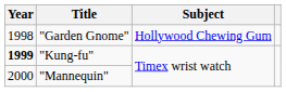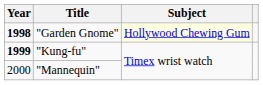 <table class="wikitable plainrowheaders">
 <tr>
 <th>Year</th>
 <th>Title</th>
 <th>Subject</th>
 <th></th>
 </tr>
 <tr>
-<td>1998</td>
+<td><strong>1998</strong></td>
 <td>"Garden Gnome"</td>
-<td><a href='#'>Hollywood Chewing Gum</a></td>
+<td style="background: lightyellow;"><a href='#'>Hollywood Chewing Gum</a></td>
 <td></td>
 </tr>
 <tr>
 <td><strong>1999</strong></td>
 <td>"Kung-fu"</td>
 <td rowspan="2"><a href='#'>Timex</a> wrist watch</td>
 <td rowspan="2"></td>
 </tr>
 <tr>
 <td>2000</td>
 <td>"Mannequin"</td>
 </tr>
 </table>
